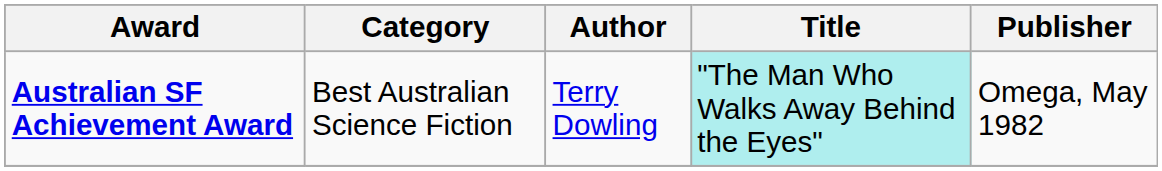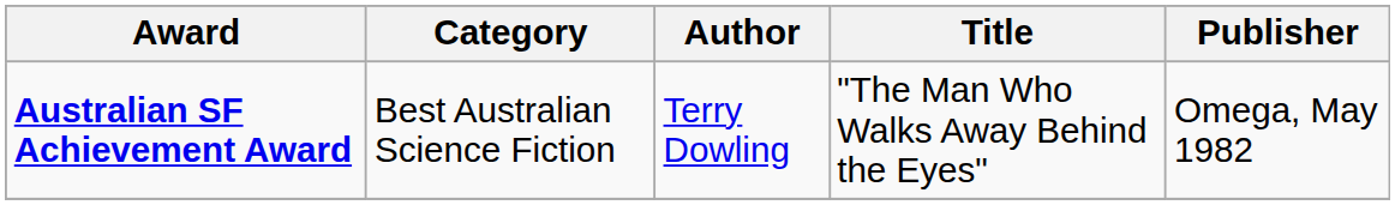 <table class="wikitable" width=100%>
 <tr>
 <th>Award</th>
 <th>Category</th>
 <th>Author</th>
 <th>Title</th>
 <th>Publisher</th>
 </tr>
 <tr>
 <td><strong><a href='#'> Australian SF Achievement Award</a></strong></td>
 <td>Best Australian Science Fiction</td>
 <td><a href='#'>Terry Dowling</a></td>
-<td style="background: paleturquoise;">"The Man Who Walks Away Behind the Eyes"</td>
+<td>"The Man Who Walks Away Behind the Eyes"</td>
 <td>Omega, May 1982</td>
 </tr>
 <tr>
 </tr>
 </table>
